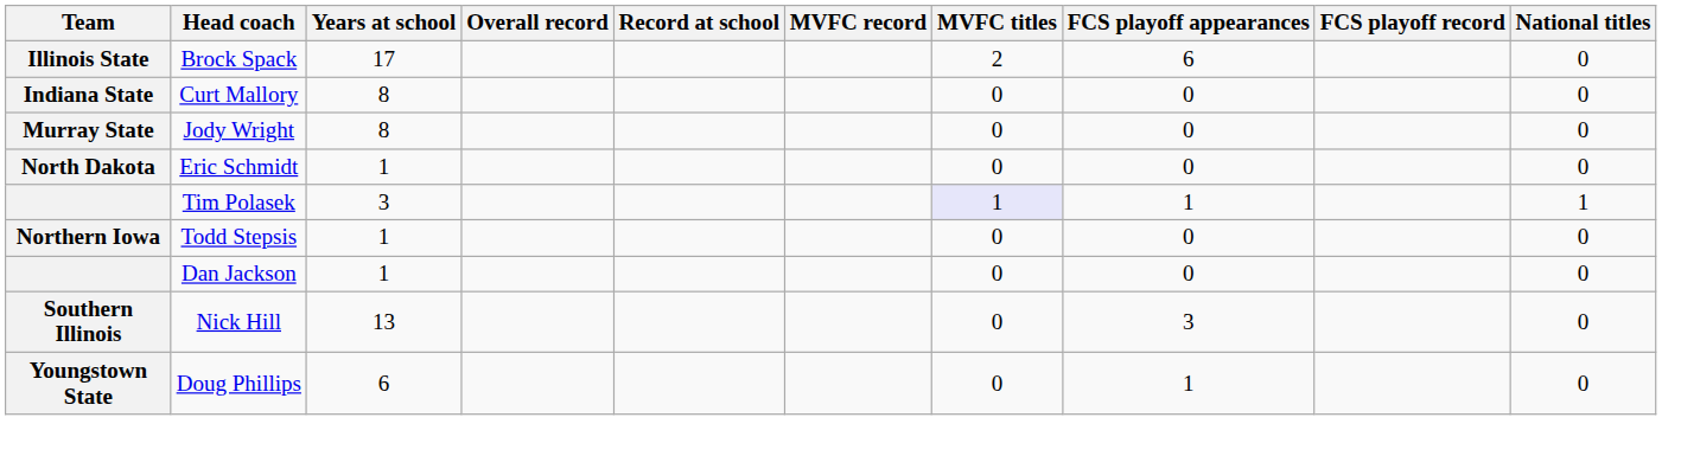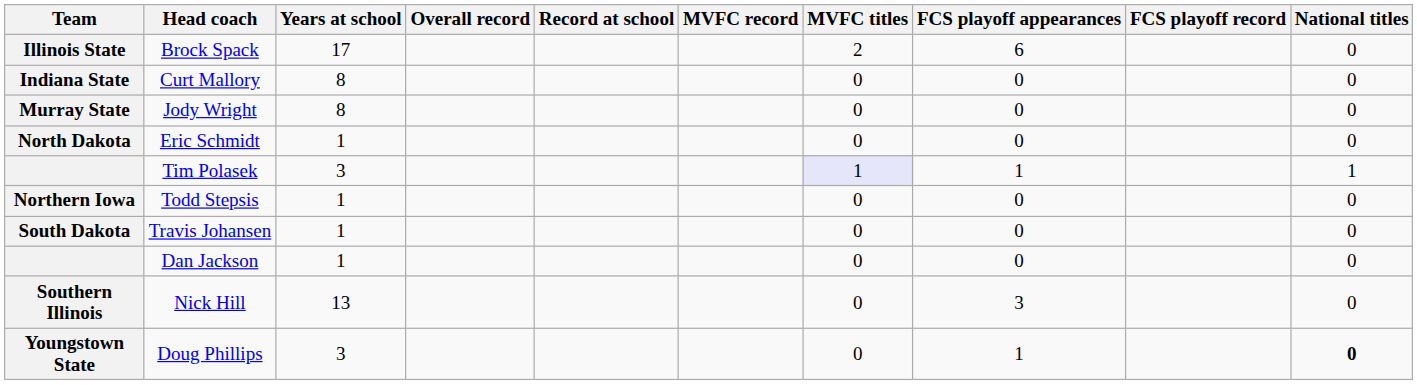 <table class="wikitable sortable" style="text-align: center;">
 <tr>
 <th width="110">Team</th>
 <th>Head coach</th>
 <th>Years at school</th>
 <th>Overall record</th>
 <th>Record at school</th>
 <th>MVFC record</th>
 <th>MVFC titles</th>
 <th>FCS playoff appearances</th>
 <th>FCS playoff record</th>
 <th>National titles</th>
 </tr>
 <tr>
 <th>Illinois State</th>
 <td><a href='#'>Brock Spack</a></td>
 <td>17</td>
 <td data-sort-value=></td>
 <td data-sort-value=></td>
 <td data-sort-value=></td>
 <td>2</td>
 <td>6</td>
 <td data-sort-value=></td>
 <td>0</td>
 </tr>
 <tr>
 <th>Indiana State</th>
 <td><a href='#'>Curt Mallory</a></td>
 <td>8</td>
 <td data-sort-value=></td>
 <td data-sort-value=></td>
 <td data-sort-value=></td>
 <td>0</td>
 <td>0</td>
 <td data-sort-value=></td>
 <td>0</td>
 </tr>
 <tr>
 <th>Murray State</th>
 <td><a href='#'>Jody Wright</a></td>
 <td>8</td>
 <td data-sort-value=></td>
 <td data-sort-value=></td>
 <td data-sort-value=></td>
 <td>0</td>
 <td>0</td>
 <td data-sort-value=></td>
 <td>0</td>
 </tr>
 <tr>
 <th>North Dakota</th>
 <td><a href='#'>Eric Schmidt</a></td>
 <td>1</td>
 <td data-sort-value=></td>
 <td data-sort-value=></td>
 <td data-sort-value=></td>
 <td>0</td>
 <td>0</td>
 <td data-sort-value=></td>
 <td>0</td>
 </tr>
 <tr>
 <th></th>
 <td><a href='#'>Tim Polasek</a></td>
 <td>3</td>
 <td data-sort-value=></td>
 <td data-sort-value=></td>
 <td data-sort-value=></td>
 <td style="background: lavender;">1</td>
 <td>1</td>
 <td data-sort-value=></td>
 <td>1</td>
 </tr>
 <tr>
 <th>Northern Iowa</th>
 <td><a href='#'>Todd Stepsis</a></td>
 <td>1</td>
 <td data-sort-value=></td>
 <td data-sort-value=></td>
 <td data-sort-value=></td>
 <td>0</td>
 <td>0</td>
 <td data-sort-value=></td>
 <td>0</td>
 </tr>
 <tr>
+<th>South Dakota</th>
+<td><a href='#'>Travis Johansen</a></td>
+<td>1</td>
+<td data-sort-value=></td>
+<td data-sort-value=></td>
+<td data-sort-value=></td>
+<td>0</td>
+<td>0</td>
+<td data-sort-value=></td>
+<td>0</td>
+</tr>
+<tr>
 <th></th>
 <td><a href='#'>Dan Jackson</a></td>
 <td>1</td>
 <td data-sort-value=></td>
 <td data-sort-value=></td>
 <td data-sort-value=></td>
 <td>0</td>
 <td>0</td>
 <td data-sort-value=></td>
 <td>0</td>
 </tr>
 <tr>
 <th>Southern Illinois</th>
 <td><a href='#'>Nick Hill</a></td>
 <td>13</td>
 <td data-sort-value=></td>
 <td data-sort-value=></td>
 <td data-sort-value=></td>
 <td>0</td>
 <td>3</td>
 <td data-sort-value=></td>
 <td>0</td>
 </tr>
 <tr>
 <th>Youngstown State</th>
 <td><a href='#'>Doug Phillips</a></td>
-<td>6</td>
+<td>3</td>
 <td data-sort-value=></td>
 <td data-sort-value=></td>
 <td data-sort-value=></td>
 <td>0</td>
 <td>1</td>
 <td data-sort-value=></td>
-<td>0</td>
+<td><strong>0</strong></td>
 </tr>
 </table>
